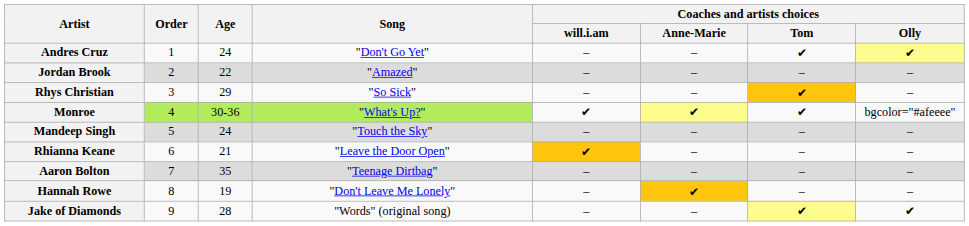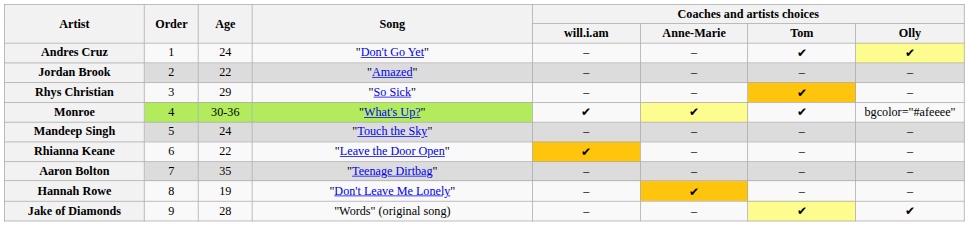 <table class="wikitable" style="text-align:center; width:100%">
 <tr>
 <th scope="col" rowspan="2" style="width:13%">Artist</th>
 <th scope="col" rowspan="2" style="width:05%">Order</th>
 <th scope="col" rowspan="2" style="width:05%">Age</th>
 <th scope="col" rowspan="2" style="width:26%">Song</th>
 <th scope="col" colspan="4" style="width:40%">Coaches and artists choices</th>
 </tr>
 <tr>
 <th style="width:10%">will.i.am</th>
 <th style="width:10%">Anne-Marie</th>
 <th style="width:10%">Tom</th>
 <th style="width:10%">Olly</th>
 </tr>
 <tr>
 <th scope="row">Andres Cruz</th>
 <td>1</td>
 <td>24</td>
 <td>"<a href='#'>Don't Go Yet</a>"</td>
 <td>–</td>
 <td>–</td>
 <td>✔</td>
 <td style="background:#fdfc8f">✔</td>
 </tr>
 <tr style="background:#DCDCDC">
 <th scope="row">Jordan Brook</th>
 <td>2</td>
 <td>22</td>
 <td>"<a href='#'>Amazed</a>"</td>
 <td>–</td>
 <td>–</td>
 <td>–</td>
 <td>–</td>
 </tr>
 <tr>
 <th scope="row">Rhys Christian</th>
 <td>3</td>
 <td>29</td>
 <td>"<a href='#'>So Sick</a>"</td>
 <td>–</td>
 <td>–</td>
 <td style="background:#ffc40c">✔</td>
 <td>–</td>
 </tr>
 <tr>
 <th scope="row">Monroe</th>
 <td style="background:#B2EC5D">4</td>
 <td style="background:#B2EC5D">30-36</td>
 <td style="background:#B2EC5D">"<a href='#'>What's Up?</a>"</td>
 <td>✔</td>
 <td style="background:#fdfc8f">✔</td>
 <td>✔</td>
 <td>bgcolor="#afeeee"</td>
 </tr>
 <tr style="background:#DCDCDC">
 <th scope="row">Mandeep Singh</th>
 <td>5</td>
 <td>24</td>
 <td>"<a href='#'>Touch the Sky</a>"</td>
 <td>–</td>
 <td>–</td>
 <td>–</td>
 <td>–</td>
 </tr>
 <tr>
 <th scope="row">Rhianna Keane</th>
 <td>6</td>
-<td>21</td>
+<td>22</td>
 <td>"<a href='#'>Leave the Door Open</a>"</td>
 <td style="background:#ffc40c">✔</td>
 <td>–</td>
 <td>–</td>
 <td>–</td>
 </tr>
 <tr style="background:#DCDCDC">
 <th scope="row">Aaron Bolton</th>
 <td>7</td>
 <td>35</td>
 <td>"<a href='#'>Teenage Dirtbag</a>"</td>
 <td>–</td>
 <td>–</td>
 <td>–</td>
 <td>–</td>
 </tr>
 <tr>
 <th scope="row">Hannah Rowe</th>
 <td>8</td>
 <td>19</td>
 <td>"<a href='#'>Don't Leave Me Lonely</a>"</td>
 <td>–</td>
 <td style="background:#ffc40c">✔</td>
 <td>–</td>
 <td>–</td>
 </tr>
 <tr>
 <th scope="row">Jake of Diamonds</th>
 <td>9</td>
 <td>28</td>
 <td>"Words" (original song)</td>
 <td>–</td>
 <td>–</td>
 <td style="background:#fdfc8f">✔</td>
 <td>✔</td>
 </tr>
 </table>
